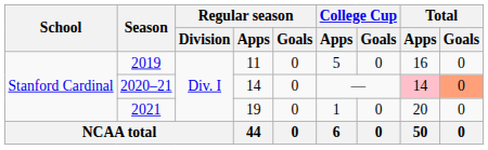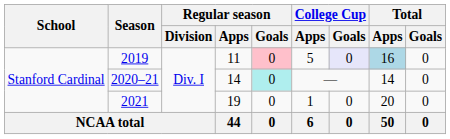 <table class="wikitable" style="text-align:center">
 <tr>
 <th rowspan="2">School</th>
 <th rowspan="2">Season</th>
 <th colspan="3">Regular season</th>
 <th colspan="2"><a href='#'>College Cup</a></th>
 <th colspan="2">Total</th>
 </tr>
 <tr>
 <th>Division</th>
 <th>Apps</th>
 <th>Goals</th>
 <th>Apps</th>
 <th>Goals</th>
 <th>Apps</th>
 <th>Goals</th>
 </tr>
 <tr>
 <td rowspan="3"><a href='#'>Stanford Cardinal</a></td>
 <td><a href='#'>2019</a></td>
 <td rowspan=3><a href='#'>Div. I</a></td>
 <td>11</td>
-<td>0</td>
+<td style="background: pink;">0</td>
 <td>5</td>
-<td>0</td>
-<td>16</td>
+<td style="background: lavender;">0</td>
+<td style="background: lightblue;">16</td>
 <td>0</td>
 </tr>
 <tr>
 <td><a href='#'>2020–21</a></td>
 <td>14</td>
+<td style="background: paleturquoise;">0</td>
+<td colspan="2">—</td>
+<td>14</td>
 <td>0</td>
-<td colspan="2">—</td>
-<td style="background: pink;">14</td>
-<td style="background: lightsalmon;">0</td>
 </tr>
 <tr>
 <td><a href='#'>2021</a></td>
 <td>19</td>
 <td>0</td>
 <td>1</td>
 <td>0</td>
 <td>20</td>
 <td>0</td>
 </tr>
 <tr>
 <th colspan=3>NCAA total</th>
 <th>44</th>
 <th>0</th>
 <th>6</th>
 <th>0</th>
 <th>50</th>
 <th>0</th>
 </tr>
 </table>
